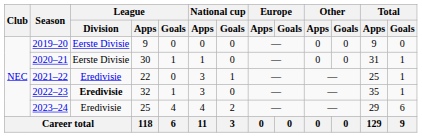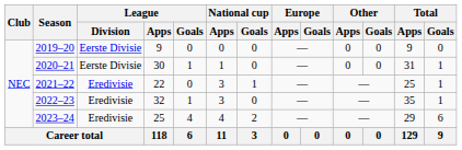 <table class="wikitable" style="text-align:center">
 <tr>
 <th rowspan="2">Club</th>
 <th rowspan="2">Season</th>
 <th colspan="3">League</th>
 <th colspan="2">National cup</th>
 <th colspan="2">Europe</th>
 <th colspan="2">Other</th>
 <th colspan="2">Total</th>
 </tr>
 <tr>
 <th>Division</th>
 <th>Apps</th>
 <th>Goals</th>
 <th>Apps</th>
 <th>Goals</th>
 <th>Apps</th>
 <th>Goals</th>
 <th>Apps</th>
 <th>Goals</th>
 <th>Apps</th>
 <th>Goals</th>
 </tr>
 <tr>
 <td rowspan="5"><a href='#'>NEC</a></td>
 <td><a href='#'>2019–20</a></td>
 <td><a href='#'>Eerste Divisie</a></td>
 <td>9</td>
 <td>0</td>
 <td>0</td>
 <td>0</td>
 <td colspan="2">—</td>
 <td>0</td>
 <td>0</td>
 <td>9</td>
 <td>0</td>
 </tr>
 <tr>
 <td><a href='#'>2020–21</a></td>
 <td>Eerste Divisie</td>
 <td>30</td>
 <td>1</td>
 <td>1</td>
 <td>0</td>
 <td colspan="2">—</td>
 <td>0</td>
 <td>0</td>
 <td>31</td>
 <td>1</td>
 </tr>
 <tr>
 <td><a href='#'>2021–22</a></td>
 <td><a href='#'>Eredivisie</a></td>
 <td>22</td>
 <td>0</td>
 <td>3</td>
 <td>1</td>
 <td colspan="2">—</td>
 <td colspan="2">—</td>
 <td>25</td>
 <td>1</td>
 </tr>
 <tr>
 <td><a href='#'>2022–23</a></td>
-<td><strong>Eredivisie</strong></td>
+<td>Eredivisie</td>
 <td>32</td>
 <td>1</td>
 <td>3</td>
 <td>0</td>
 <td colspan="2">—</td>
 <td colspan="2">—</td>
 <td>35</td>
 <td>1</td>
 </tr>
 <tr>
 <td><a href='#'>2023–24</a></td>
 <td>Eredivisie</td>
 <td>25</td>
 <td>4</td>
 <td>4</td>
 <td>2</td>
 <td colspan="2">—</td>
 <td colspan="2">—</td>
 <td>29</td>
 <td>6</td>
 </tr>
 <tr>
 <th colspan="3">Career total</th>
 <th>118</th>
 <th>6</th>
 <th>11</th>
 <th>3</th>
 <th>0</th>
 <th>0</th>
 <th>0</th>
 <th>0</th>
 <th>129</th>
 <th>9</th>
 </tr>
 </table>
